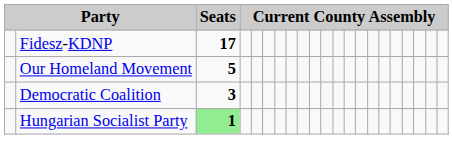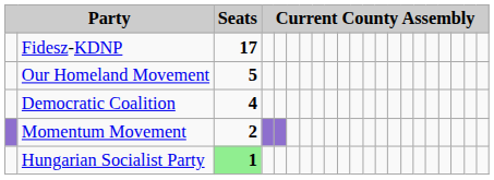 <table class="wikitable">
 <tr>
 <th style="background:#ccc" colspan="2">Party</th>
 <th style="background:#ccc">Seats</th>
 <th style="background:#ccc" colspan="18">Current County Assembly</th>
 </tr>
 <tr>
 <td style="background-color: "> </td>
 <td><a href='#'>Fidesz</a>-<a href='#'>KDNP</a></td>
 <td style="text-align: right"><strong>17</strong></td>
 <td style="background-color: "> </td>
 <td style="background-color: "> </td>
 <td style="background-color: "> </td>
 <td style="background-color: "> </td>
 <td style="background-color: "> </td>
 <td style="background-color: "> </td>
 <td style="background-color: "> </td>
 <td style="background-color: "> </td>
 <td style="background-color: "> </td>
 <td style="background-color: "> </td>
 <td style="background-color: "> </td>
 <td style="background-color: "> </td>
 <td style="background-color: "> </td>
 <td style="background-color: "> </td>
 <td style="background-color: "> </td>
 <td style="background-color: "> </td>
 <td style="background-color: "> </td>
 <td> </td>
 </tr>
 <tr>
 <td style="background-color: "> </td>
 <td><a href='#'>Our Homeland Movement</a></td>
 <td style="text-align: right"><strong>5</strong></td>
 <td style="background-color: "> </td>
 <td style="background-color: "> </td>
 <td style="background-color: "> </td>
 <td style="background-color: "> </td>
 <td style="background-color: "> </td>
 <td> </td>
 <td> </td>
 <td> </td>
 <td> </td>
 <td> </td>
 <td> </td>
 <td> </td>
 <td> </td>
 <td> </td>
 <td> </td>
 <td> </td>
 <td> </td>
 <td> </td>
 </tr>
 <tr>
 <td style="background-color: "> </td>
 <td><a href='#'>Democratic Coalition</a></td>
-<td style="text-align: right"><strong>3</strong></td>
+<td style="text-align: right"><strong>4</strong></td>
 <td style="background-color: "> </td>
 <td style="background-color: "> </td>
 <td style="background-color: "> </td>
+<td> </td>
+<td> </td>
+<td> </td>
+<td> </td>
+<td> </td>
+<td> </td>
+<td> </td>
+<td> </td>
+<td> </td>
+<td> </td>
+<td> </td>
+<td> </td>
+<td> </td>
+<td> </td>
+<td> </td>
+</tr>
+<tr>
+<td style="background-color: #8E6FCE"> </td>
+<td><a href='#'>Momentum Movement</a></td>
+<td style="text-align: right"><strong>2</strong></td>
+<td style="background-color: #8E6FCE"> </td>
+<td style="background-color: #8E6FCE"> </td>
+<td> </td>
 <td> </td>
 <td> </td>
 <td> </td>
 <td> </td>
 <td> </td>
 <td> </td>
 <td> </td>
 <td> </td>
 <td> </td>
 <td> </td>
 <td> </td>
 <td> </td>
 <td> </td>
 <td> </td>
 <td> </td>
 </tr>
 <tr>
 <td style="background-color: "> </td>
 <td><a href='#'>Hungarian Socialist Party</a></td>
 <td style="background: lightgreen; text-align: right"><strong>1</strong></td>
 <td style="background-color: "> </td>
 <td> </td>
 <td> </td>
 <td> </td>
 <td> </td>
 <td> </td>
 <td> </td>
 <td> </td>
 <td> </td>
 <td> </td>
 <td> </td>
 <td> </td>
 <td> </td>
 <td> </td>
 <td> </td>
 <td> </td>
 <td> </td>
 <td> </td>
 </tr>
 </table>
